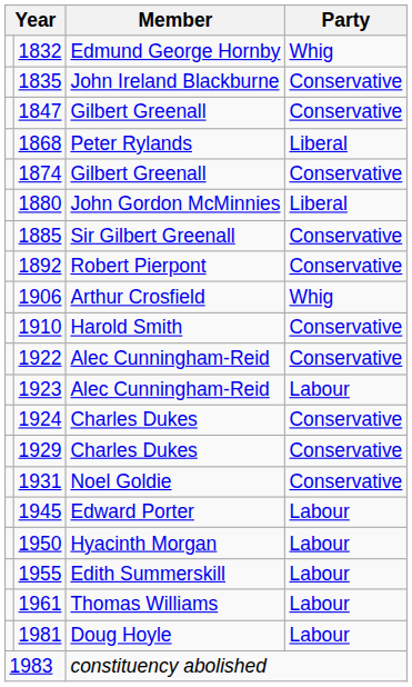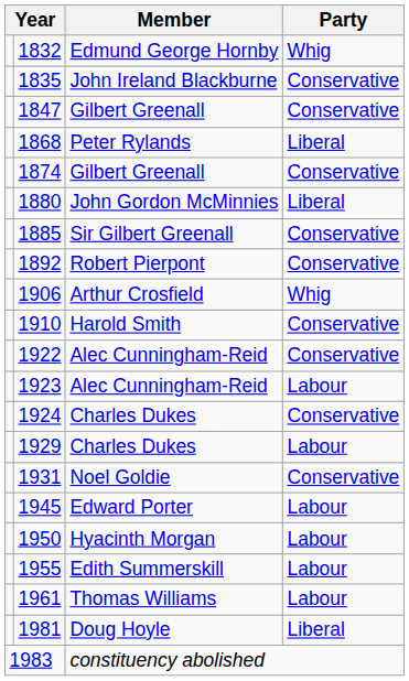 <table class="wikitable">
 <tr>
 <th colspan="2">Year</th>
 <th>Member</th>
 <th>Party</th>
 </tr>
 <tr>
 <td style="color:inherit;background-color: "></td>
 <td><a href='#'>1832</a></td>
 <td><a href='#'>Edmund George Hornby</a></td>
 <td><a href='#'>Whig</a></td>
 </tr>
 <tr>
 <td style="color:inherit;background-color: "></td>
 <td><a href='#'>1835</a></td>
 <td><a href='#'>John Ireland Blackburne</a></td>
 <td><a href='#'>Conservative</a></td>
 </tr>
 <tr>
 <td style="color:inherit;background-color: "></td>
 <td><a href='#'>1847</a></td>
 <td><a href='#'>Gilbert Greenall</a></td>
 <td><a href='#'>Conservative</a></td>
 </tr>
 <tr>
 <td style="color:inherit;background-color: "></td>
 <td><a href='#'>1868</a></td>
 <td><a href='#'>Peter Rylands</a></td>
 <td><a href='#'>Liberal</a></td>
 </tr>
 <tr>
 <td style="color:inherit;background-color: "></td>
 <td><a href='#'>1874</a></td>
 <td><a href='#'>Gilbert Greenall</a></td>
 <td><a href='#'>Conservative</a></td>
 </tr>
 <tr>
 <td style="color:inherit;background-color: "></td>
 <td><a href='#'>1880</a></td>
 <td><a href='#'>John Gordon McMinnies</a></td>
 <td><a href='#'>Liberal</a></td>
 </tr>
 <tr>
 <td style="color:inherit;background-color: "></td>
 <td><a href='#'>1885</a></td>
 <td><a href='#'>Sir Gilbert Greenall</a></td>
 <td><a href='#'>Conservative</a></td>
 </tr>
 <tr>
 <td style="color:inherit;background-color: "></td>
 <td><a href='#'>1892</a></td>
 <td><a href='#'>Robert Pierpont</a></td>
 <td><a href='#'>Conservative</a></td>
 </tr>
 <tr>
 <td style="color:inherit;background-color: "></td>
 <td><a href='#'>1906</a></td>
 <td><a href='#'>Arthur Crosfield</a></td>
 <td><a href='#'>Whig</a></td>
 </tr>
 <tr>
 <td style="color:inherit;background-color: "></td>
 <td><a href='#'>1910</a></td>
 <td><a href='#'>Harold Smith</a></td>
 <td><a href='#'>Conservative</a></td>
 </tr>
 <tr>
 <td style="color:inherit;background-color: "></td>
 <td><a href='#'>1922</a></td>
 <td><a href='#'>Alec Cunningham-Reid</a></td>
 <td><a href='#'>Conservative</a></td>
 </tr>
 <tr>
 <td style="color:inherit;background-color: "></td>
 <td><a href='#'>1923</a></td>
 <td><a href='#'>Alec Cunningham-Reid</a></td>
 <td><a href='#'>Labour</a></td>
 </tr>
 <tr>
 <td style="color:inherit;background-color: "></td>
 <td><a href='#'>1924</a></td>
 <td><a href='#'>Charles Dukes</a></td>
 <td><a href='#'>Conservative</a></td>
 </tr>
 <tr>
 <td style="color:inherit;background-color: "></td>
 <td><a href='#'>1929</a></td>
 <td><a href='#'>Charles Dukes</a></td>
-<td><a href='#'>Conservative</a></td>
+<td><a href='#'>Labour</a></td>
 </tr>
 <tr>
 <td style="color:inherit;background-color: "></td>
 <td><a href='#'>1931</a></td>
 <td><a href='#'>Noel Goldie</a></td>
 <td><a href='#'>Conservative</a></td>
 </tr>
 <tr>
 <td style="color:inherit;background-color: "></td>
 <td><a href='#'>1945</a></td>
 <td><a href='#'>Edward Porter</a></td>
 <td><a href='#'>Labour</a></td>
 </tr>
 <tr>
 <td style="color:inherit;background-color: "></td>
 <td><a href='#'>1950</a></td>
 <td><a href='#'>Hyacinth Morgan</a></td>
 <td><a href='#'>Labour</a></td>
 </tr>
 <tr>
 <td style="color:inherit;background-color: "></td>
 <td><a href='#'>1955</a></td>
 <td><a href='#'>Edith Summerskill</a></td>
 <td><a href='#'>Labour</a></td>
 </tr>
 <tr>
 <td style="color:inherit;background-color: "></td>
 <td><a href='#'>1961</a></td>
 <td><a href='#'>Thomas Williams</a></td>
 <td><a href='#'>Labour</a></td>
 </tr>
 <tr>
 <td style="color:inherit;background-color: "></td>
 <td><a href='#'>1981</a></td>
 <td><a href='#'>Doug Hoyle</a></td>
-<td><a href='#'>Labour</a></td>
+<td><a href='#'>Liberal</a></td>
 </tr>
 <tr>
 <td colspan="2"><a href='#'>1983</a></td>
 <td colspan="2"><em>constituency abolished</em></td>
 </tr>
 </table>
